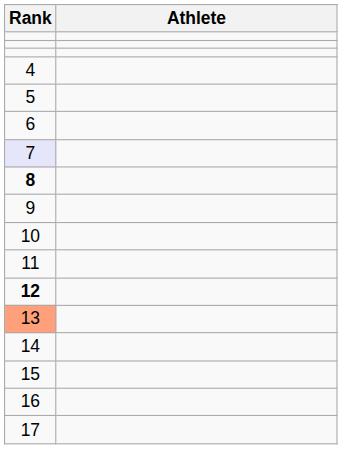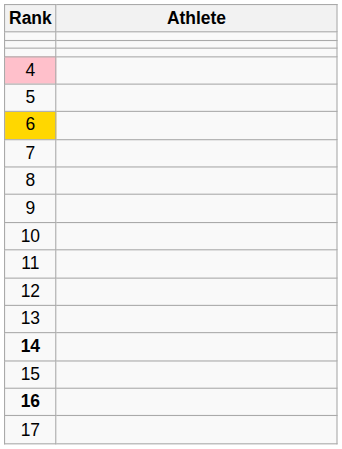 <table class="wikitable" style="text-align: center;">
 <tr>
 <th width=40>Rank</th>
 <th width=250>Athlete</th>
 </tr>
 <tr>
 <td></td>
 <td align=left></td>
 </tr>
 <tr>
 <td></td>
 <td align=left></td>
 </tr>
 <tr>
 <td></td>
 <td align=left></td>
 </tr>
 <tr>
-<td>4</td>
+<td style="background: pink;">4</td>
 <td align=left></td>
 </tr>
 <tr>
 <td>5</td>
 <td align=left></td>
 </tr>
 <tr>
-<td>6</td>
+<td style="background: gold;">6</td>
 <td align=left></td>
 </tr>
 <tr>
-<td style="background: lavender;">7</td>
+<td>7</td>
 <td align=left></td>
 </tr>
 <tr>
-<td><strong>8</strong></td>
+<td>8</td>
 <td align=left></td>
 </tr>
 <tr>
 <td>9</td>
 <td align=left></td>
 </tr>
 <tr>
 <td>10</td>
 <td align=left></td>
 </tr>
 <tr>
 <td>11</td>
 <td align=left></td>
 </tr>
 <tr>
-<td><strong>12</strong></td>
+<td>12</td>
 <td align=left></td>
 </tr>
 <tr>
-<td style="background: lightsalmon;">13</td>
+<td>13</td>
 <td align=left></td>
 </tr>
 <tr>
-<td>14</td>
+<td><strong>14</strong></td>
 <td align=left></td>
 </tr>
 <tr>
 <td>15</td>
 <td align=left></td>
 </tr>
 <tr>
-<td>16</td>
+<td><strong>16</strong></td>
 <td align=left></td>
 </tr>
 <tr>
 <td>17</td>
 <td align=left></td>
 </tr>
 </table>
